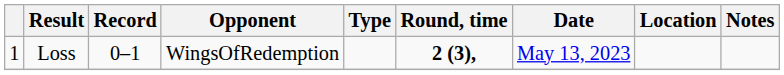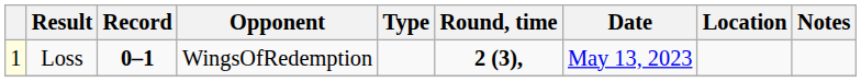 <table class="wikitable" style="text-align:center">
 <tr>
 <th></th>
 <th>Result</th>
 <th>Record</th>
 <th>Opponent</th>
 <th>Type</th>
 <th>Round, time</th>
 <th>Date</th>
 <th>Location</th>
 <th>Notes</th>
 </tr>
 <tr>
-<td>1</td>
+<td style="background: lightyellow;">1</td>
 <td>Loss</td>
-<td>0–1</td>
+<td><strong>0–1</strong></td>
 <td style="text-align:left;">WingsOfRedemption</td>
 <td></td>
 <td align="center"><strong>2 (3), </strong></td>
 <td><a href='#'>May 13, 2023</a></td>
 <td style="text-align:left;"></td>
 <td style="text-align:left;"></td>
 </tr>
 <tr>
 </tr>
 </table>
